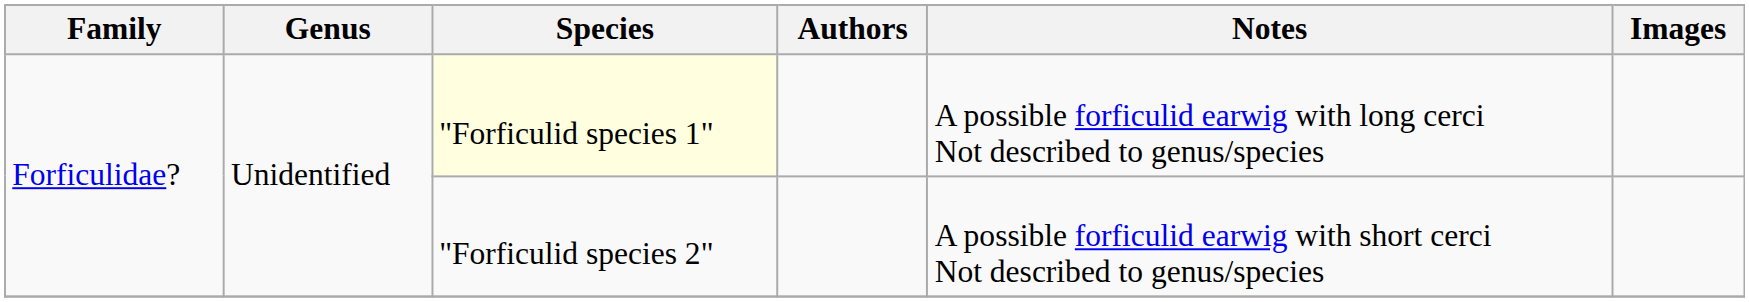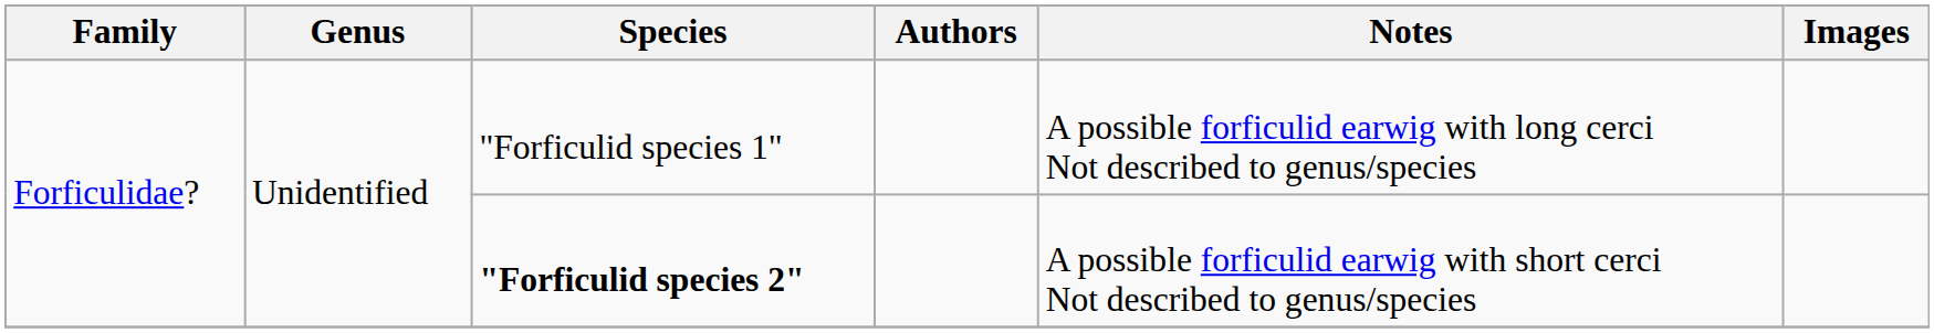 <table class="wikitable sortable"  style="margin:auto; width:100%;">
 <tr>
 <th>Family</th>
 <th>Genus</th>
 <th>Species</th>
 <th>Authors</th>
 <th>Notes</th>
 <th>Images</th>
 </tr>
 <tr>
 <td rowspan=2><a href='#'>Forficulidae</a>?</td>
 <td rowspan=2>Unidentified</td>
-<td style="background: lightyellow;"><br>"Forficulid species 1"</td>
+<td><br>"Forficulid species 1"</td>
 <td></td>
 <td><br>A possible <a href='#'>forficulid earwig</a> with long cerci<br> Not described to genus/species</td>
 <td><br></td>
 </tr>
 <tr>
-<td><br>"Forficulid species 2"</td>
+<td><strong><br>"Forficulid species 2"</strong></td>
 <td></td>
 <td><br>A possible <a href='#'>forficulid earwig</a> with short cerci<br> Not described to genus/species</td>
 <td><br></td>
 </tr>
 <tr>
 </tr>
 </table>
